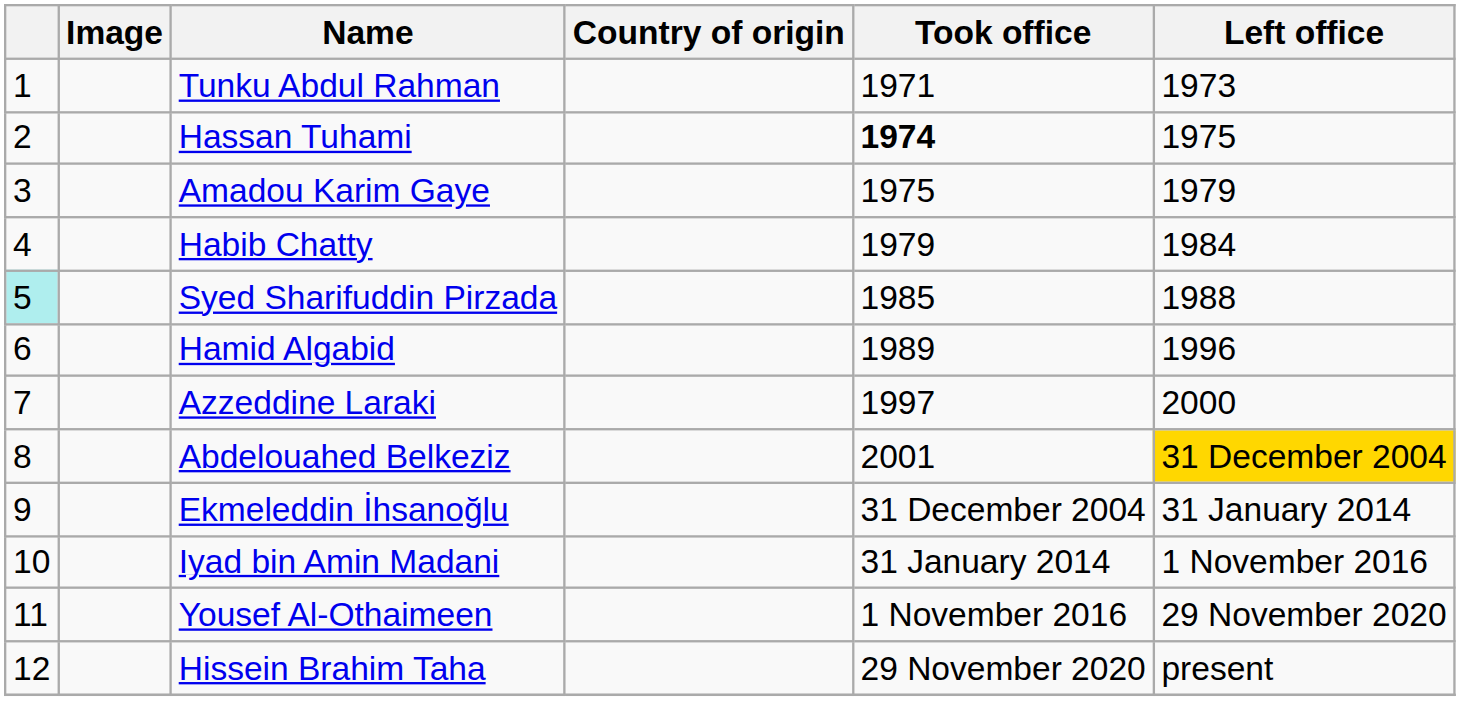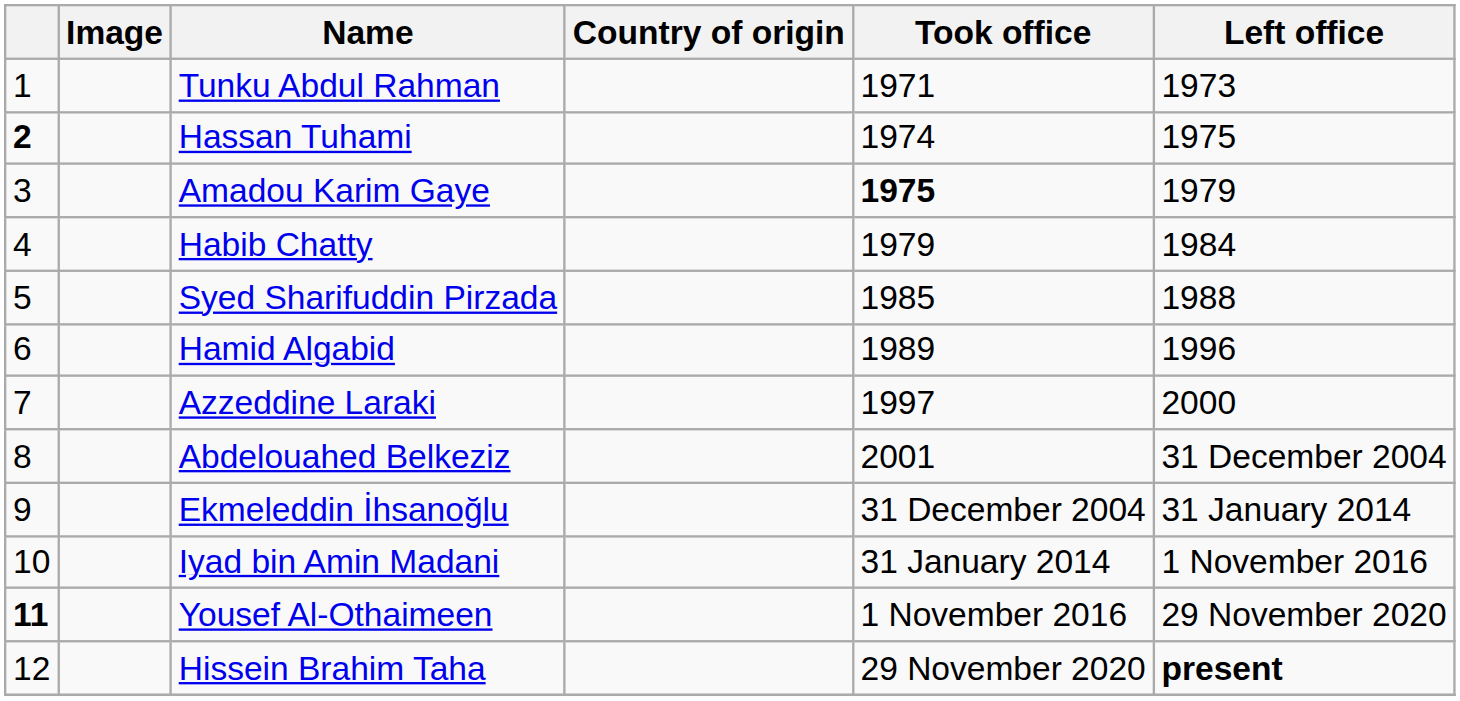 <table class="wikitable" style="font-size:90%; text-align:left;">
 <tr>
 <th></th>
 <th>Image</th>
 <th>Name</th>
 <th>Country of origin</th>
 <th>Took office</th>
 <th>Left office</th>
 </tr>
 <tr>
 <td>1</td>
 <td></td>
 <td><a href='#'>Tunku Abdul Rahman</a></td>
 <td></td>
 <td>1971</td>
 <td>1973</td>
 </tr>
 <tr>
-<td>2</td>
+<td><strong>2</strong></td>
 <td></td>
 <td><a href='#'>Hassan Tuhami</a></td>
 <td></td>
-<td><strong>1974</strong></td>
+<td>1974</td>
 <td>1975</td>
 </tr>
 <tr>
 <td>3</td>
 <td></td>
 <td><a href='#'>Amadou Karim Gaye</a></td>
 <td></td>
-<td>1975</td>
+<td><strong>1975</strong></td>
 <td>1979</td>
 </tr>
 <tr>
 <td>4</td>
 <td></td>
 <td><a href='#'>Habib Chatty</a></td>
 <td></td>
 <td>1979</td>
 <td>1984</td>
 </tr>
 <tr>
-<td style="background: paleturquoise;">5</td>
+<td>5</td>
 <td></td>
 <td><a href='#'>Syed Sharifuddin Pirzada</a></td>
 <td></td>
 <td>1985</td>
 <td>1988</td>
 </tr>
 <tr>
 <td>6</td>
 <td></td>
 <td><a href='#'>Hamid Algabid</a></td>
 <td></td>
 <td>1989</td>
 <td>1996</td>
 </tr>
 <tr>
 <td>7</td>
 <td></td>
 <td><a href='#'>Azzeddine Laraki</a></td>
 <td></td>
 <td>1997</td>
 <td>2000</td>
 </tr>
 <tr>
 <td>8</td>
 <td></td>
 <td><a href='#'>Abdelouahed Belkeziz</a></td>
 <td></td>
 <td>2001</td>
-<td style="background: gold;">31 December 2004</td>
+<td>31 December 2004</td>
 </tr>
 <tr>
 <td>9</td>
 <td></td>
 <td><a href='#'>Ekmeleddin İhsanoğlu</a></td>
 <td></td>
 <td>31 December 2004</td>
 <td>31 January 2014</td>
 </tr>
 <tr>
 <td>10</td>
 <td></td>
 <td><a href='#'>Iyad bin Amin Madani</a></td>
 <td></td>
 <td>31 January 2014</td>
 <td>1 November 2016</td>
 </tr>
 <tr>
-<td>11</td>
+<td><strong>11</strong></td>
 <td></td>
 <td><a href='#'>Yousef Al-Othaimeen</a></td>
 <td></td>
 <td>1 November 2016</td>
 <td>29 November 2020</td>
 </tr>
 <tr>
 <td>12</td>
 <td></td>
 <td><a href='#'>Hissein Brahim Taha</a></td>
 <td></td>
 <td>29 November 2020</td>
-<td>present</td>
+<td><strong>present</strong></td>
 </tr>
 <tr>
 </tr>
 </table>
